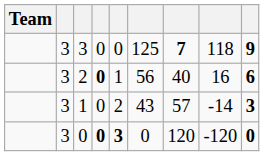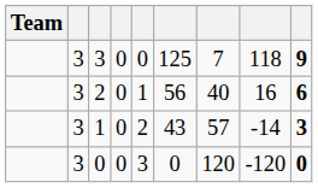 <table class="wikitable" style="text-align: center;">
 <tr>
 <th>Team</th>
 <th></th>
 <th></th>
 <th></th>
 <th></th>
 <th></th>
 <th></th>
 <th></th>
 <th></th>
 </tr>
 <tr>
 <td align="left"></td>
 <td>3</td>
 <td>3</td>
 <td>0</td>
 <td>0</td>
 <td>125</td>
-<td><strong>7</strong></td>
+<td>7</td>
 <td>118</td>
 <td><strong>9</strong></td>
 </tr>
 <tr>
 <td align="left"></td>
 <td>3</td>
 <td>2</td>
-<td><strong>0</strong></td>
+<td>0</td>
 <td>1</td>
 <td>56</td>
 <td>40</td>
 <td>16</td>
 <td><strong>6</strong></td>
 </tr>
 <tr>
 <td align="left"></td>
 <td>3</td>
 <td>1</td>
 <td>0</td>
 <td>2</td>
 <td>43</td>
 <td>57</td>
 <td>-14</td>
 <td><strong>3</strong></td>
 </tr>
 <tr>
 <td align="left"></td>
 <td>3</td>
 <td>0</td>
-<td><strong>0</strong></td>
-<td><strong>3</strong></td>
+<td>0</td>
+<td>3</td>
 <td>0</td>
 <td>120</td>
 <td>-120</td>
 <td><strong>0</strong></td>
 </tr>
 </table>
